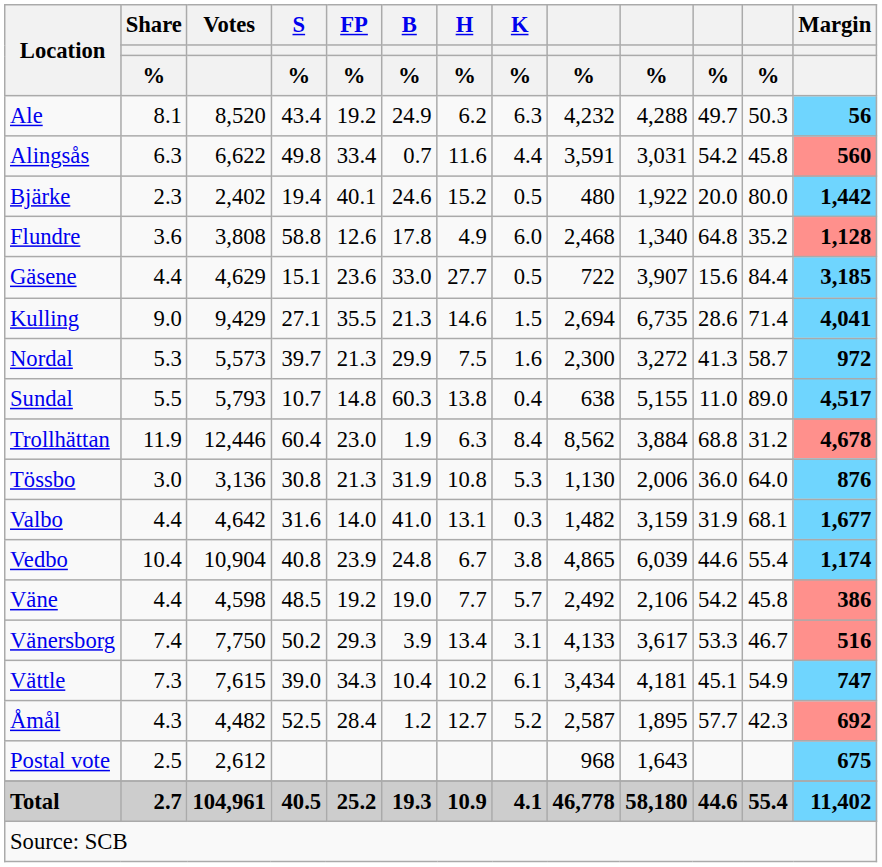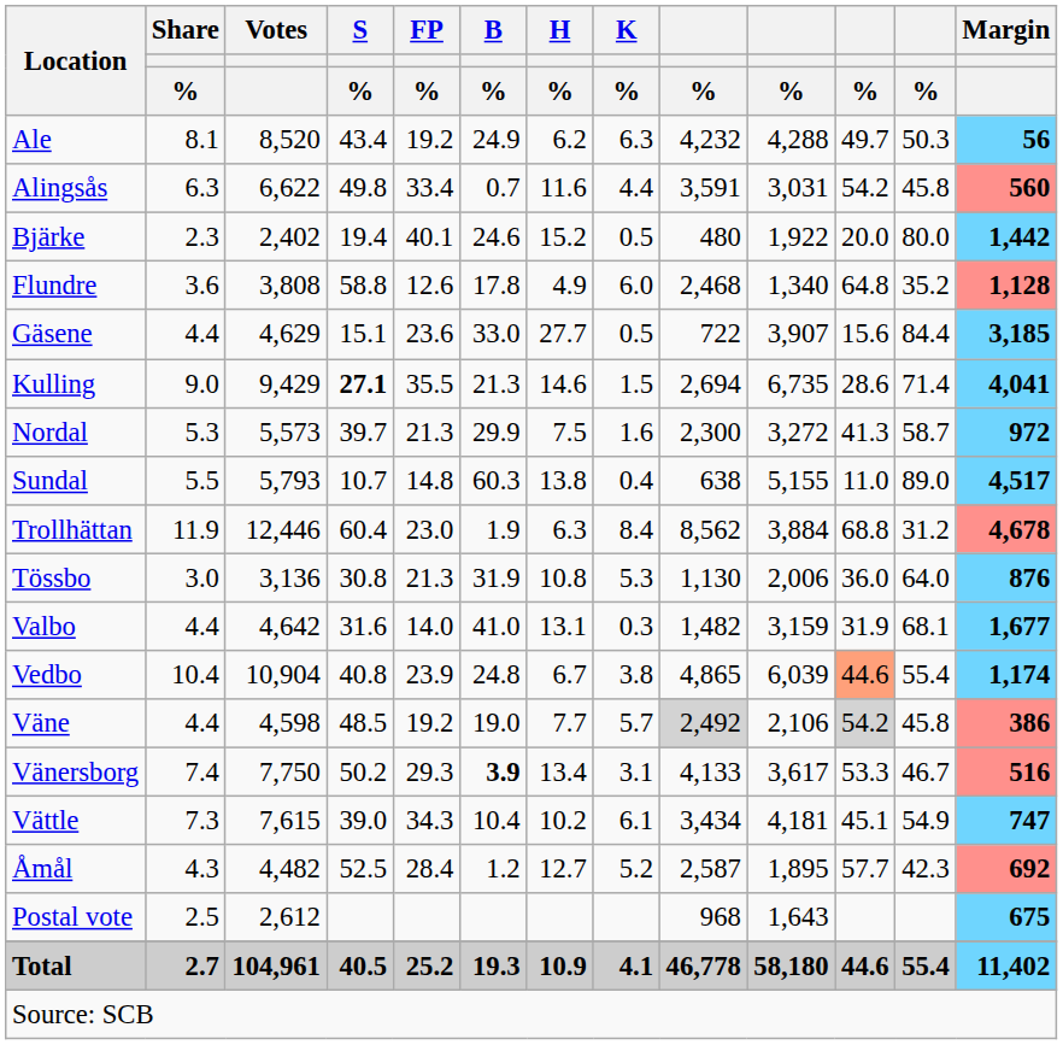 <table class="wikitable sortable" style="text-align:right; font-size:95%; line-height:20px;">
 <tr>
 <th rowspan="3">Location</th>
 <th>Share</th>
 <th>Votes</th>
 <th width="30px" class="unsortable"><a href='#'>S</a></th>
 <th width="30px" class="unsortable"><a href='#'>FP</a></th>
 <th width="30px" class="unsortable"><a href='#'>B</a></th>
 <th width="30px" class="unsortable"><a href='#'>H</a></th>
 <th width="30px" class="unsortable"><a href='#'>K</a></th>
 <th></th>
 <th></th>
 <th></th>
 <th></th>
 <th>Margin</th>
 </tr>
 <tr>
 <th></th>
 <th></th>
 <th style="background:"></th>
 <th style="background:"></th>
 <th style="background:"></th>
 <th style="background:"></th>
 <th style="background:"></th>
 <th style="background:"></th>
 <th style="background:"></th>
 <th style="background:"></th>
 <th style="background:"></th>
 <th></th>
 </tr>
 <tr>
 <th data-sort-type="number">%</th>
 <th></th>
 <th data-sort-type="number">%</th>
 <th data-sort-type="number">%</th>
 <th data-sort-type="number">%</th>
 <th data-sort-type="number">%</th>
 <th data-sort-type="number">%</th>
 <th data-sort-type="number">%</th>
 <th data-sort-type="number">%</th>
 <th data-sort-type="number">%</th>
 <th data-sort-type="number">%</th>
 <th data-sort-type="number"></th>
 </tr>
 <tr>
 <td align=left><a href='#'>Ale</a></td>
 <td>8.1</td>
 <td>8,520</td>
 <td>43.4</td>
 <td>19.2</td>
 <td>24.9</td>
 <td>6.2</td>
 <td>6.3</td>
 <td>4,232</td>
 <td>4,288</td>
 <td>49.7</td>
 <td>50.3</td>
 <td bgcolor=#6fd5fe><strong>56</strong></td>
 </tr>
 <tr>
 <td align=left><a href='#'>Alingsås</a></td>
 <td>6.3</td>
 <td>6,622</td>
 <td>49.8</td>
 <td>33.4</td>
 <td>0.7</td>
 <td>11.6</td>
 <td>4.4</td>
 <td>3,591</td>
 <td>3,031</td>
 <td>54.2</td>
 <td>45.8</td>
 <td bgcolor=#ff908c><strong>560</strong></td>
 </tr>
 <tr>
 <td align=left><a href='#'>Bjärke</a></td>
 <td>2.3</td>
 <td>2,402</td>
 <td>19.4</td>
 <td>40.1</td>
 <td>24.6</td>
 <td>15.2</td>
 <td>0.5</td>
 <td>480</td>
 <td>1,922</td>
 <td>20.0</td>
 <td>80.0</td>
 <td bgcolor=#6fd5fe><strong>1,442</strong></td>
 </tr>
 <tr>
 <td align=left><a href='#'>Flundre</a></td>
 <td>3.6</td>
 <td>3,808</td>
 <td>58.8</td>
 <td>12.6</td>
 <td>17.8</td>
 <td>4.9</td>
 <td>6.0</td>
 <td>2,468</td>
 <td>1,340</td>
 <td>64.8</td>
 <td>35.2</td>
 <td bgcolor=#ff908c><strong>1,128</strong></td>
 </tr>
 <tr>
 <td align=left><a href='#'>Gäsene</a></td>
 <td>4.4</td>
 <td>4,629</td>
 <td>15.1</td>
 <td>23.6</td>
 <td>33.0</td>
 <td>27.7</td>
 <td>0.5</td>
 <td>722</td>
 <td>3,907</td>
 <td>15.6</td>
 <td>84.4</td>
 <td bgcolor=#6fd5fe><strong>3,185</strong></td>
 </tr>
 <tr>
 <td align=left><a href='#'>Kulling</a></td>
 <td>9.0</td>
 <td>9,429</td>
-<td>27.1</td>
+<td><strong>27.1</strong></td>
 <td>35.5</td>
 <td>21.3</td>
 <td>14.6</td>
 <td>1.5</td>
 <td>2,694</td>
 <td>6,735</td>
 <td>28.6</td>
 <td>71.4</td>
 <td bgcolor=#6fd5fe><strong>4,041</strong></td>
 </tr>
 <tr>
 <td align=left><a href='#'>Nordal</a></td>
 <td>5.3</td>
 <td>5,573</td>
 <td>39.7</td>
 <td>21.3</td>
 <td>29.9</td>
 <td>7.5</td>
 <td>1.6</td>
 <td>2,300</td>
 <td>3,272</td>
 <td>41.3</td>
 <td>58.7</td>
 <td bgcolor=#6fd5fe><strong>972</strong></td>
 </tr>
 <tr>
 <td align=left><a href='#'>Sundal</a></td>
 <td>5.5</td>
 <td>5,793</td>
 <td>10.7</td>
 <td>14.8</td>
 <td>60.3</td>
 <td>13.8</td>
 <td>0.4</td>
 <td>638</td>
 <td>5,155</td>
 <td>11.0</td>
 <td>89.0</td>
 <td bgcolor=#6fd5fe><strong>4,517</strong></td>
 </tr>
 <tr>
 <td align=left><a href='#'>Trollhättan</a></td>
 <td>11.9</td>
 <td>12,446</td>
 <td>60.4</td>
 <td>23.0</td>
 <td>1.9</td>
 <td>6.3</td>
 <td>8.4</td>
 <td>8,562</td>
 <td>3,884</td>
 <td>68.8</td>
 <td>31.2</td>
 <td bgcolor=#ff908c><strong>4,678</strong></td>
 </tr>
 <tr>
 <td align=left><a href='#'>Tössbo</a></td>
 <td>3.0</td>
 <td>3,136</td>
 <td>30.8</td>
 <td>21.3</td>
 <td>31.9</td>
 <td>10.8</td>
 <td>5.3</td>
 <td>1,130</td>
 <td>2,006</td>
 <td>36.0</td>
 <td>64.0</td>
 <td bgcolor=#6fd5fe><strong>876</strong></td>
 </tr>
 <tr>
 <td align=left><a href='#'>Valbo</a></td>
 <td>4.4</td>
 <td>4,642</td>
 <td>31.6</td>
 <td>14.0</td>
 <td>41.0</td>
 <td>13.1</td>
 <td>0.3</td>
 <td>1,482</td>
 <td>3,159</td>
 <td>31.9</td>
 <td>68.1</td>
 <td bgcolor=#6fd5fe><strong>1,677</strong></td>
 </tr>
 <tr>
 <td align=left><a href='#'>Vedbo</a></td>
 <td>10.4</td>
 <td>10,904</td>
 <td>40.8</td>
 <td>23.9</td>
 <td>24.8</td>
 <td>6.7</td>
 <td>3.8</td>
 <td>4,865</td>
 <td>6,039</td>
-<td>44.6</td>
+<td style="background: lightsalmon;">44.6</td>
 <td>55.4</td>
 <td bgcolor=#6fd5fe><strong>1,174</strong></td>
 </tr>
 <tr>
 <td align=left><a href='#'>Väne</a></td>
 <td>4.4</td>
 <td>4,598</td>
 <td>48.5</td>
 <td>19.2</td>
 <td>19.0</td>
 <td>7.7</td>
 <td>5.7</td>
-<td>2,492</td>
+<td style="background: lightgrey;">2,492</td>
 <td>2,106</td>
-<td>54.2</td>
+<td style="background: lightgrey;">54.2</td>
 <td>45.8</td>
 <td bgcolor=#ff908c><strong>386</strong></td>
 </tr>
 <tr>
 <td align=left><a href='#'>Vänersborg</a></td>
 <td>7.4</td>
 <td>7,750</td>
 <td>50.2</td>
 <td>29.3</td>
-<td>3.9</td>
+<td><strong>3.9</strong></td>
 <td>13.4</td>
 <td>3.1</td>
 <td>4,133</td>
 <td>3,617</td>
 <td>53.3</td>
 <td>46.7</td>
 <td bgcolor=#ff908c><strong>516</strong></td>
 </tr>
 <tr>
 <td align=left><a href='#'>Vättle</a></td>
 <td>7.3</td>
 <td>7,615</td>
 <td>39.0</td>
 <td>34.3</td>
 <td>10.4</td>
 <td>10.2</td>
 <td>6.1</td>
 <td>3,434</td>
 <td>4,181</td>
 <td>45.1</td>
 <td>54.9</td>
 <td bgcolor=#6fd5fe><strong>747</strong></td>
 </tr>
 <tr>
 <td align=left><a href='#'>Åmål</a></td>
 <td>4.3</td>
 <td>4,482</td>
 <td>52.5</td>
 <td>28.4</td>
 <td>1.2</td>
 <td>12.7</td>
 <td>5.2</td>
 <td>2,587</td>
 <td>1,895</td>
 <td>57.7</td>
 <td>42.3</td>
 <td bgcolor=#ff908c><strong>692</strong></td>
 </tr>
 <tr>
 <td align=left><a href='#'>Postal vote</a></td>
 <td>2.5</td>
 <td>2,612</td>
 <td></td>
 <td></td>
 <td></td>
 <td></td>
 <td></td>
 <td>968</td>
 <td>1,643</td>
 <td></td>
 <td></td>
 <td bgcolor=#6fd5fe><strong>675</strong></td>
 </tr>
 <tr>
 </tr>
 <tr style="background:#CDCDCD;">
 <td align=left><strong>Total</strong></td>
 <td><strong>2.7</strong></td>
 <td><strong>104,961</strong></td>
 <td><strong>40.5</strong></td>
 <td><strong>25.2</strong></td>
 <td><strong>19.3</strong></td>
 <td><strong>10.9</strong></td>
 <td><strong>4.1</strong></td>
 <td><strong>46,778</strong></td>
 <td><strong>58,180</strong></td>
 <td><strong>44.6</strong></td>
 <td><strong>55.4</strong></td>
 <td bgcolor=#6fd5fe><strong>11,402</strong></td>
 </tr>
 <tr>
 <td align=left colspan=13>Source: SCB </td>
 </tr>
 </table>
